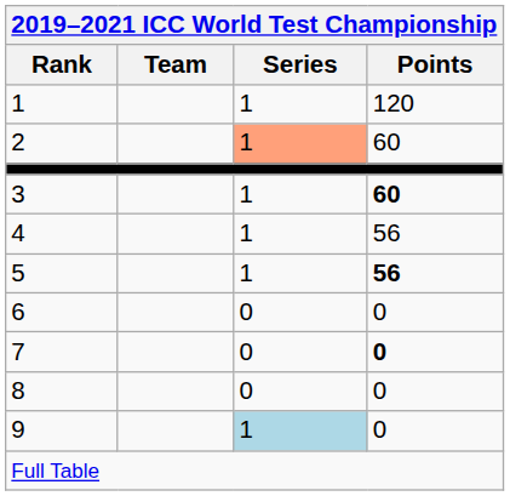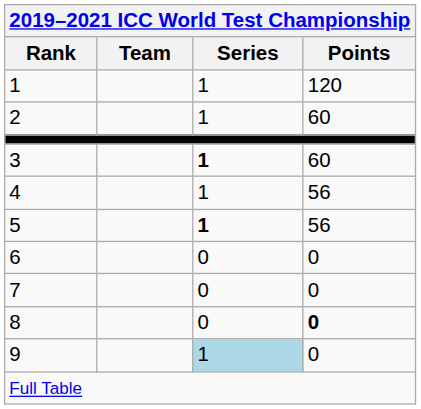 <table class="wikitable" style="white-space: nowrap;" style="text-align:center">
 <tr>
 <th colspan="4"><a href='#'>2019–2021 ICC World Test Championship</a></th>
 </tr>
 <tr>
 <th>Rank</th>
 <th>Team</th>
 <th>Series</th>
 <th>Points</th>
 </tr>
 <tr>
 <td>1</td>
 <td style="text-align:left"></td>
 <td>1</td>
 <td>120</td>
 </tr>
 <tr>
 <td>2</td>
 <td style="text-align:left"></td>
-<td style="background: lightsalmon;">1</td>
+<td>1</td>
 <td>60</td>
 </tr>
 <tr>
 <td colspan="4" style="background-color:#000"></td>
 </tr>
 <tr>
 <td>3</td>
 <td style="text-align:left"></td>
-<td>1</td>
-<td><strong>60</strong></td>
+<td><strong>1</strong></td>
+<td>60</td>
 </tr>
 <tr>
 <td>4</td>
 <td style="text-align:left"></td>
 <td>1</td>
 <td>56</td>
 </tr>
 <tr>
 <td>5</td>
 <td style="text-align:left"></td>
-<td>1</td>
-<td><strong>56</strong></td>
+<td><strong>1</strong></td>
+<td>56</td>
 </tr>
 <tr>
 <td>6</td>
 <td style="text-align:left"></td>
 <td>0</td>
 <td>0</td>
 </tr>
 <tr>
 <td>7</td>
 <td style="text-align:left"></td>
 <td>0</td>
-<td><strong>0</strong></td>
+<td>0</td>
 </tr>
 <tr>
 <td>8</td>
 <td style="text-align:left"></td>
 <td>0</td>
-<td>0</td>
+<td><strong>0</strong></td>
 </tr>
 <tr>
 <td>9</td>
 <td style="text-align:left"></td>
 <td style="background: lightblue;">1</td>
 <td>0</td>
 </tr>
 <tr>
 <td colspan="4"><small><a href='#'>Full Table</a></small></td>
 </tr>
 </table>
